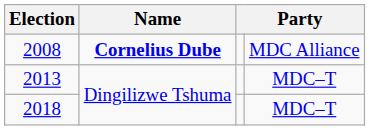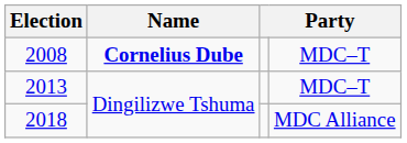 <table class="wikitable" style="text-align:center">
 <tr>
 <th>Election</th>
 <th>Name</th>
 <th colspan="2">Party</th>
 </tr>
 <tr>
 <td><a href='#'>2008</a></td>
 <td><strong><a href='#'>Cornelius Dube</a></strong></td>
 <td style="background-color: "></td>
-<td><a href='#'>MDC Alliance</a></td>
+<td><a href='#'>MDC–T</a></td>
 </tr>
 <tr>
 <td><a href='#'>2013</a></td>
 <td rowspan="2"><a href='#'>Dingilizwe Tshuma</a></td>
 <td style="background-color: "></td>
 <td><a href='#'>MDC–T</a></td>
 </tr>
 <tr>
 <td><a href='#'>2018</a></td>
 <td style="background-color: "></td>
-<td><a href='#'>MDC–T</a></td>
+<td><a href='#'>MDC Alliance</a></td>
 </tr>
 </table>
